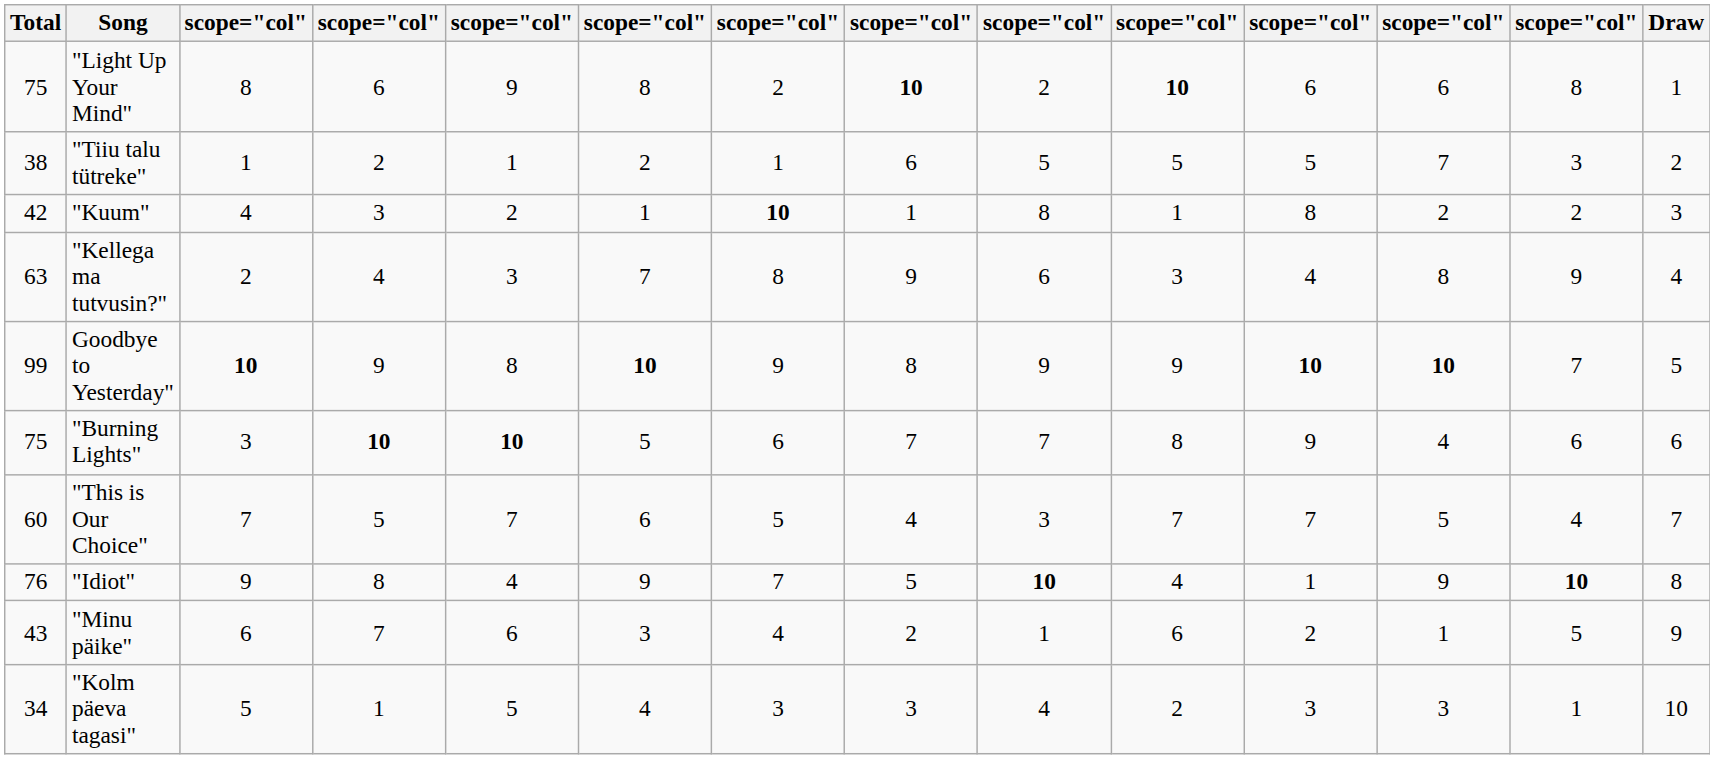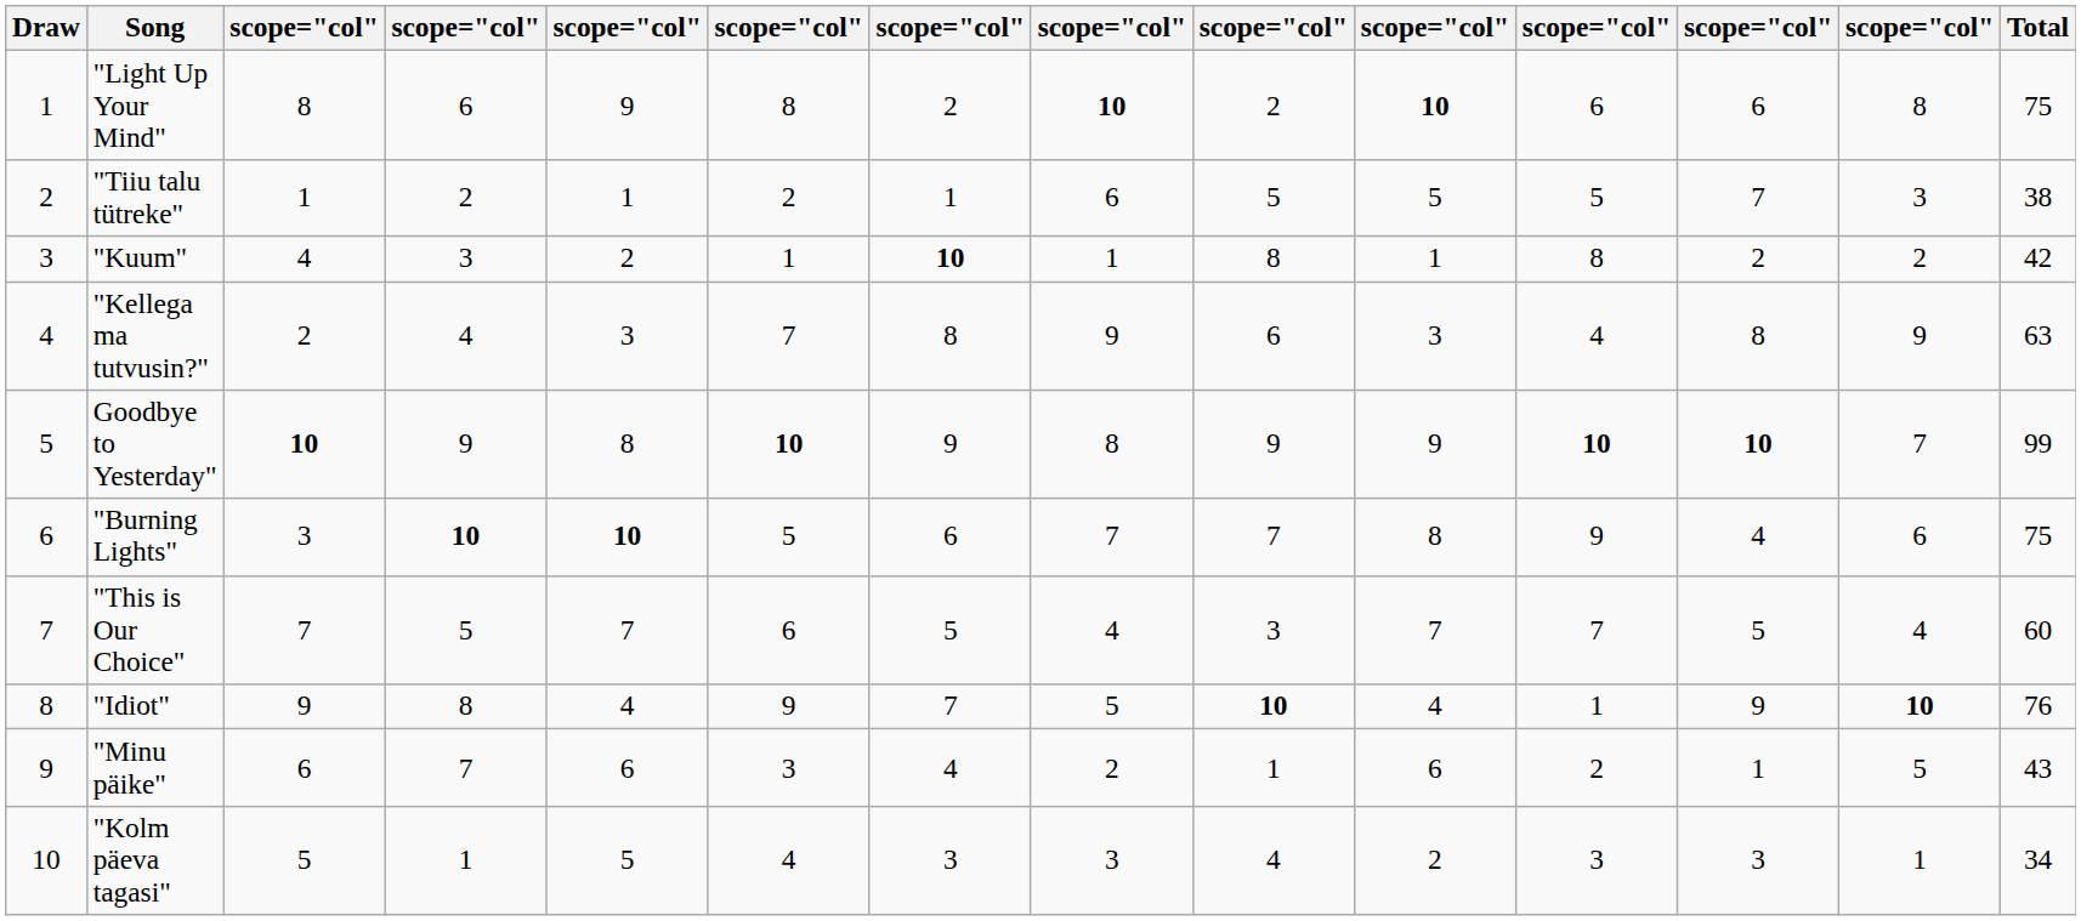 <table class="wikitable collapsible" style="margin: 1em auto 1em auto; text-align:center;">
 <tr>
-<th>Total</th>
+<th>Draw</th>
 <th>Song</th>
 <th>scope="col" </th>
 <th>scope="col" </th>
 <th>scope="col" </th>
 <th>scope="col" </th>
 <th>scope="col" </th>
 <th>scope="col" </th>
 <th>scope="col" </th>
 <th>scope="col" </th>
 <th>scope="col" </th>
 <th>scope="col" </th>
 <th>scope="col" </th>
-<th>Draw</th>
+<th>Total</th>
 </tr>
 <tr>
-<td>75</td>
+<td>1</td>
 <td align="left">"Light Up Your Mind"</td>
 <td>8</td>
 <td>6</td>
 <td>9</td>
 <td>8</td>
 <td>2</td>
 <td><strong>10</strong></td>
 <td>2</td>
 <td><strong>10</strong></td>
 <td>6</td>
 <td>6</td>
 <td>8</td>
-<td>1</td>
+<td>75</td>
 </tr>
 <tr>
-<td>38</td>
+<td>2</td>
 <td align="left">"Tiiu talu tütreke"</td>
 <td>1</td>
 <td>2</td>
 <td>1</td>
 <td>2</td>
 <td>1</td>
 <td>6</td>
 <td>5</td>
 <td>5</td>
 <td>5</td>
 <td>7</td>
 <td>3</td>
-<td>2</td>
+<td>38</td>
 </tr>
 <tr>
-<td>42</td>
+<td>3</td>
 <td align="left">"Kuum"</td>
 <td>4</td>
 <td>3</td>
 <td>2</td>
 <td>1</td>
 <td><strong>10</strong></td>
 <td>1</td>
 <td>8</td>
 <td>1</td>
 <td>8</td>
 <td>2</td>
 <td>2</td>
-<td>3</td>
+<td>42</td>
 </tr>
 <tr>
-<td>63</td>
+<td>4</td>
 <td align="left">"Kellega ma tutvusin?"</td>
 <td>2</td>
 <td>4</td>
 <td>3</td>
 <td>7</td>
 <td>8</td>
 <td>9</td>
 <td>6</td>
 <td>3</td>
 <td>4</td>
 <td>8</td>
 <td>9</td>
-<td>4</td>
+<td>63</td>
 </tr>
 <tr>
-<td>99</td>
+<td>5</td>
 <td align="left">Goodbye to Yesterday"</td>
 <td><strong>10</strong></td>
 <td>9</td>
 <td>8</td>
 <td><strong>10</strong></td>
 <td>9</td>
 <td>8</td>
 <td>9</td>
 <td>9</td>
 <td><strong>10</strong></td>
 <td><strong>10</strong></td>
 <td>7</td>
-<td>5</td>
+<td>99</td>
 </tr>
 <tr>
-<td>75</td>
+<td>6</td>
 <td align="left">"Burning Lights"</td>
 <td>3</td>
 <td><strong>10</strong></td>
 <td><strong>10</strong></td>
 <td>5</td>
 <td>6</td>
 <td>7</td>
 <td>7</td>
 <td>8</td>
 <td>9</td>
 <td>4</td>
 <td>6</td>
-<td>6</td>
+<td>75</td>
 </tr>
 <tr>
-<td>60</td>
+<td>7</td>
 <td align="left">"This is Our Choice"</td>
 <td>7</td>
 <td>5</td>
 <td>7</td>
 <td>6</td>
 <td>5</td>
 <td>4</td>
 <td>3</td>
 <td>7</td>
 <td>7</td>
 <td>5</td>
 <td>4</td>
-<td>7</td>
+<td>60</td>
 </tr>
 <tr>
-<td>76</td>
+<td>8</td>
 <td align="left">"Idiot"</td>
 <td>9</td>
 <td>8</td>
 <td>4</td>
 <td>9</td>
 <td>7</td>
 <td>5</td>
 <td><strong>10</strong></td>
 <td>4</td>
 <td>1</td>
 <td>9</td>
 <td><strong>10</strong></td>
-<td>8</td>
+<td>76</td>
 </tr>
 <tr>
-<td>43</td>
+<td>9</td>
 <td align="left">"Minu päike"</td>
 <td>6</td>
 <td>7</td>
 <td>6</td>
 <td>3</td>
 <td>4</td>
 <td>2</td>
 <td>1</td>
 <td>6</td>
 <td>2</td>
 <td>1</td>
 <td>5</td>
-<td>9</td>
+<td>43</td>
 </tr>
 <tr>
-<td>34</td>
+<td>10</td>
 <td align="left">"Kolm päeva tagasi"</td>
 <td>5</td>
 <td>1</td>
 <td>5</td>
 <td>4</td>
 <td>3</td>
 <td>3</td>
 <td>4</td>
 <td>2</td>
 <td>3</td>
 <td>3</td>
 <td>1</td>
-<td>10</td>
+<td>34</td>
 </tr>
 </table>
